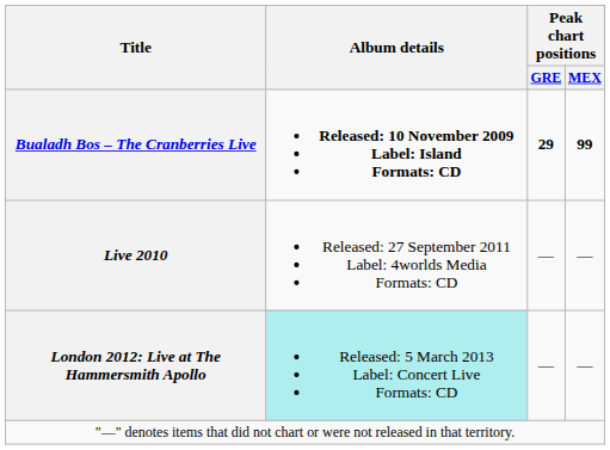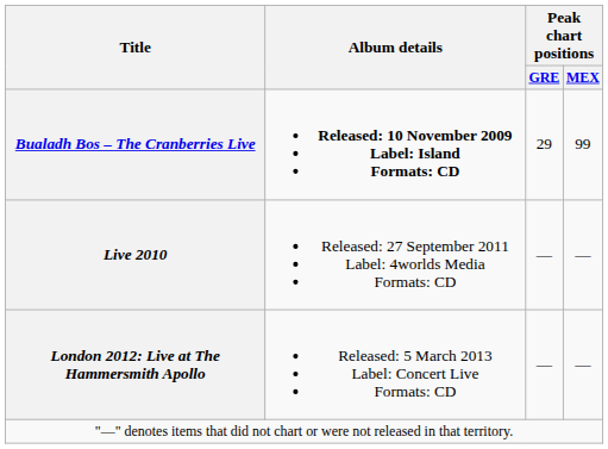 <table class="wikitable plainrowheaders" style="text-align:center;">
 <tr>
 <th scope="col" rowspan="2" style="width:16em;">Title</th>
 <th scope="col" rowspan="2" style="width:16em;">Album details</th>
 <th scope="col" colspan="2">Peak<br>chart<br>positions</th>
 </tr>
 <tr>
 <th style="width:2em;font-size:90%;"><a href='#'>GRE</a><br></th>
 <th style="width:2em;font-size:90%;"><a href='#'>MEX</a><br></th>
 </tr>
 <tr>
 <th scope="row"><em><a href='#'>Bualadh Bos&nbsp;– The&nbsp;Cranberries Live</a></em></th>
 <td><strong><br><ul><li>Released: 10 November 2009</li><li>Label: Island</li><li>Formats: CD</li></ul></strong></td>
-<td><strong>29</strong></td>
-<td><strong>99</strong></td>
+<td>29</td>
+<td>99</td>
 </tr>
 <tr>
 <th scope="row"><em>Live 2010</em></th>
 <td><br><ul><li>Released: 27 September 2011</li><li>Label: 4worlds Media</li><li>Formats: CD</li></ul></td>
 <td>—</td>
 <td>—</td>
 </tr>
 <tr>
 <th scope="row"><em>London 2012: Live at The Hammersmith Apollo</em></th>
-<td style="background: paleturquoise;"><br><ul><li>Released: 5 March 2013</li><li>Label: Concert Live</li><li>Formats: CD</li></ul></td>
+<td><br><ul><li>Released: 5 March 2013</li><li>Label: Concert Live</li><li>Formats: CD</li></ul></td>
 <td>—</td>
 <td>—</td>
 </tr>
 <tr>
 <td colspan="15" style="font-size:90%">"—" denotes items that did not chart or were not released in that territory.</td>
 </tr>
 </table>
